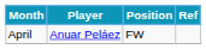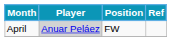 <table class=wikitable>
 <tr>
 <th style="background:#0B96B7; color:#FFFFFF; border:2px solid #5FAFE4;">Month</th>
 <th style="background:#0B96B7; color:#FFFFFF; border:2px solid #5FAFE4;">Player</th>
 <th style="background:#0B96B7; color:#FFFFFF; border:2px solid #5FAFE4;">Position</th>
 <th style="background:#0B96B7; color:#FFFFFF; border:2px solid #5FAFE4;">Ref</th>
 </tr>
 <tr>
 <td>April</td>
-<td> <a href='#'>Anuar Peláez</a></td>
+<td style="background: lightgrey;"> <a href='#'>Anuar Peláez</a></td>
 <td>FW</td>
 <td></td>
 </tr>
 <tr>
 </tr>
 </table>
